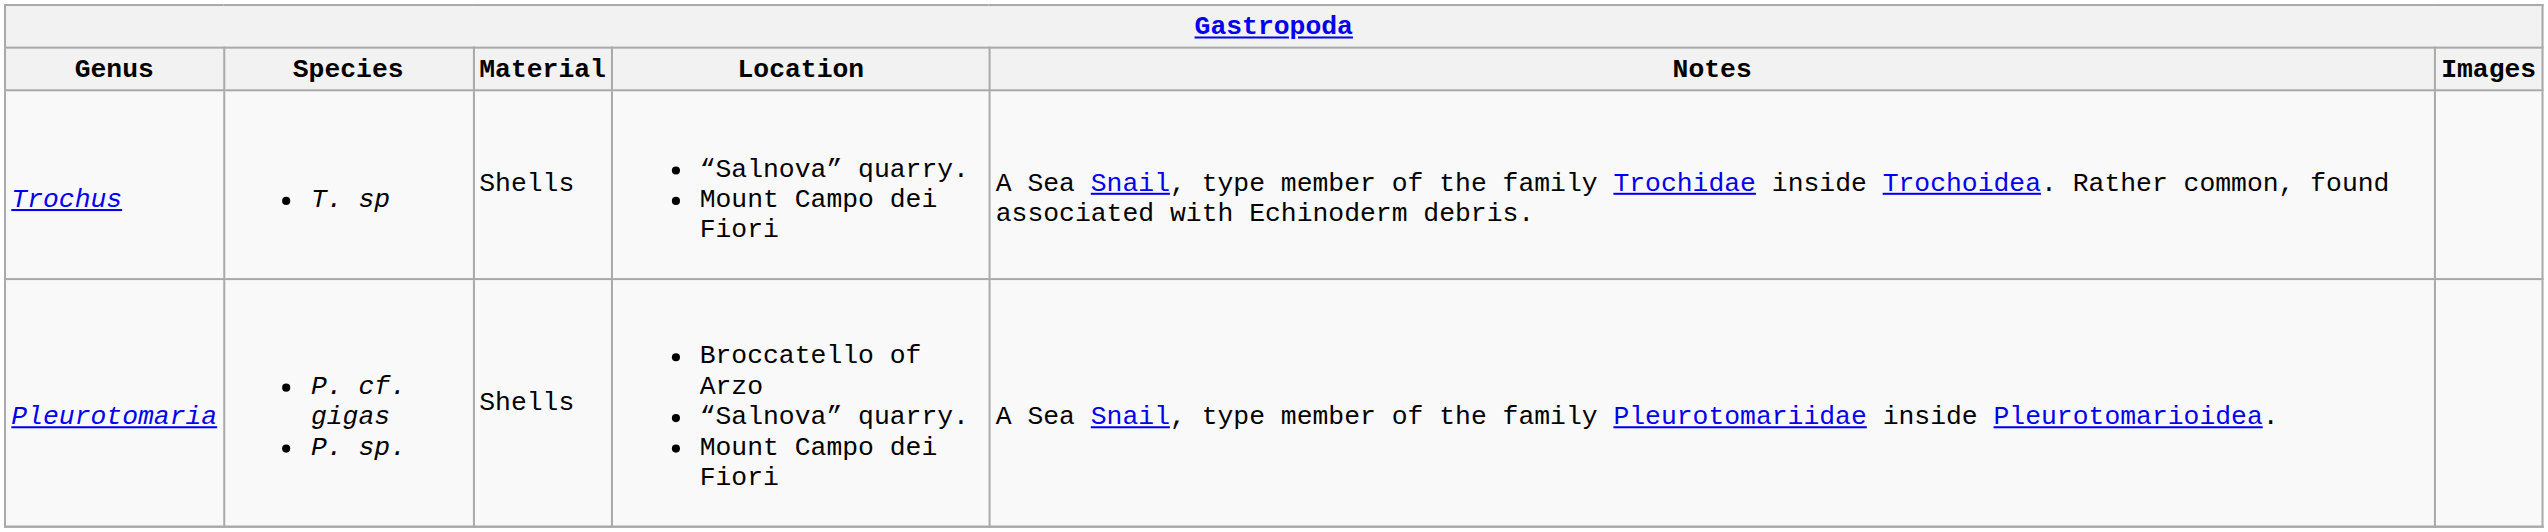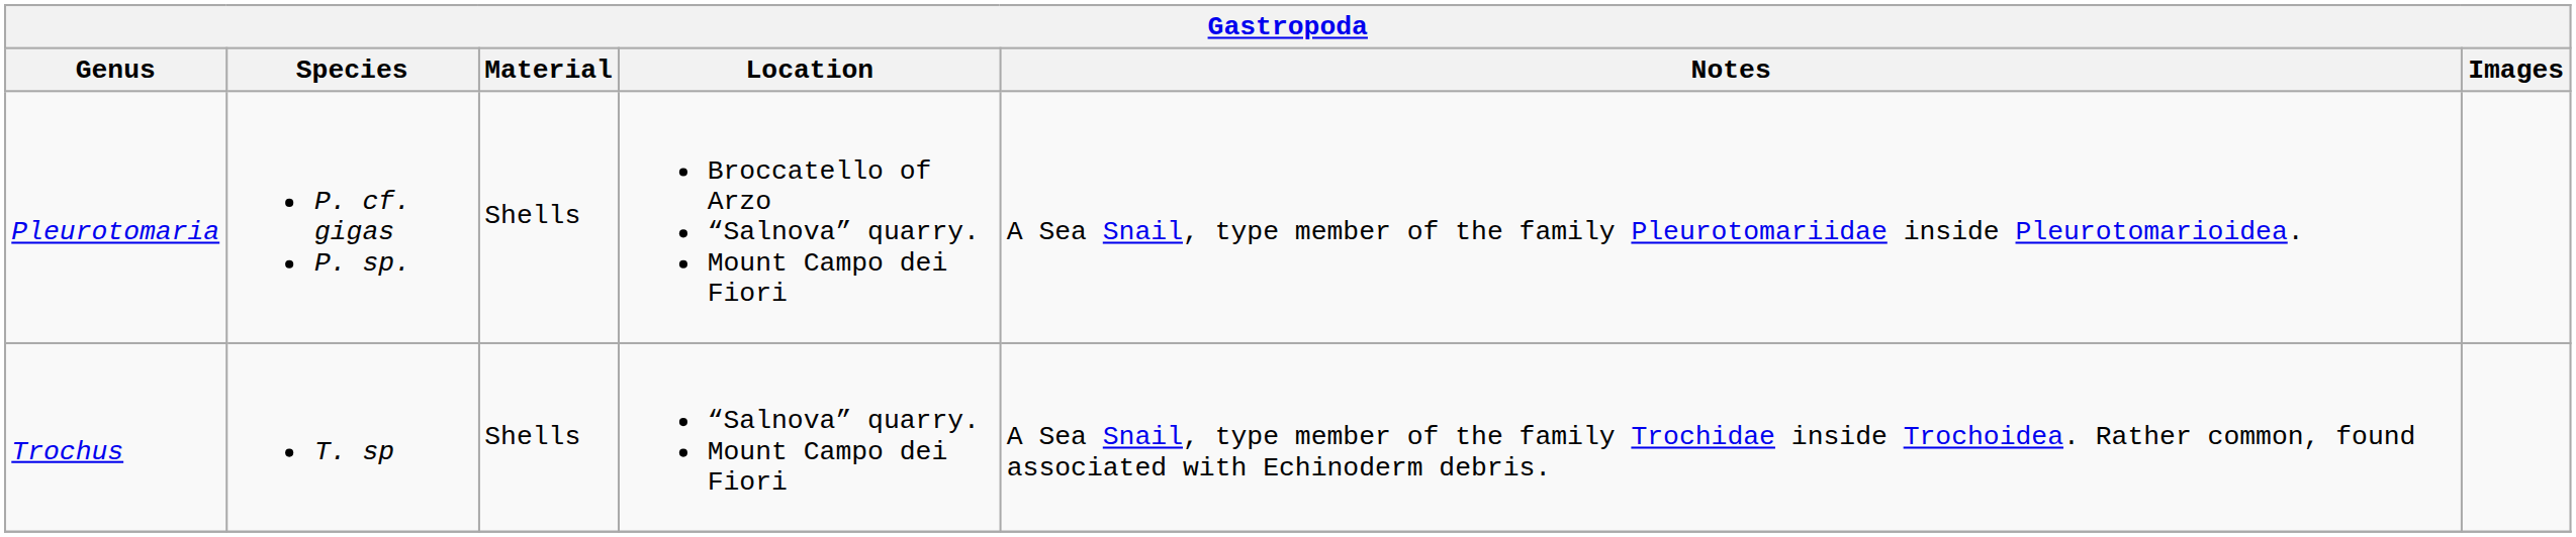 <table class="wikitable" align="center">
 <tr>
 <th colspan="6" align="center"><strong><a href='#'>Gastropoda</a></strong></th>
 </tr>
 <tr>
 <th>Genus</th>
 <th>Species</th>
 <th>Material</th>
 <th>Location</th>
 <th>Notes</th>
 <th>Images</th>
 </tr>
 <tr>
+<td><br><em><a href='#'>Pleurotomaria</a></em></td>
+<td><br><ul><li><em>P. cf. gigas</em></li><li><em>P. sp.</em></li></ul></td>
+<td>Shells</td>
+<td><br><ul><li>Broccatello of Arzo</li><li>“Salnova” quarry.</li><li>Mount Campo dei Fiori</li></ul></td>
+<td><br>A Sea <a href='#'>Snail</a>, type member of the family <a href='#'>Pleurotomariidae</a> inside <a href='#'>Pleurotomarioidea</a>.</td>
+<td><br></td>
+</tr>
+<tr>
 <td><br><em><a href='#'>Trochus</a></em></td>
 <td><br><ul><li><em>T. sp</em></li></ul></td>
 <td>Shells</td>
 <td><br><ul><li>“Salnova” quarry.</li><li>Mount Campo dei Fiori</li></ul></td>
 <td><br>A Sea <a href='#'>Snail</a>, type member of the family <a href='#'>Trochidae</a> inside <a href='#'>Trochoidea</a>. Rather common, found associated with Echinoderm debris.</td>
 <td></td>
 </tr>
 <tr>
-<td><br><em><a href='#'>Pleurotomaria</a></em></td>
-<td><br><ul><li><em>P. cf. gigas</em></li><li><em>P. sp.</em></li></ul></td>
-<td>Shells</td>
-<td><br><ul><li>Broccatello of Arzo</li><li>“Salnova” quarry.</li><li>Mount Campo dei Fiori</li></ul></td>
-<td><br>A Sea <a href='#'>Snail</a>, type member of the family <a href='#'>Pleurotomariidae</a> inside <a href='#'>Pleurotomarioidea</a>.</td>
-<td><br></td>
-</tr>
-<tr>
 </tr>
 </table>
